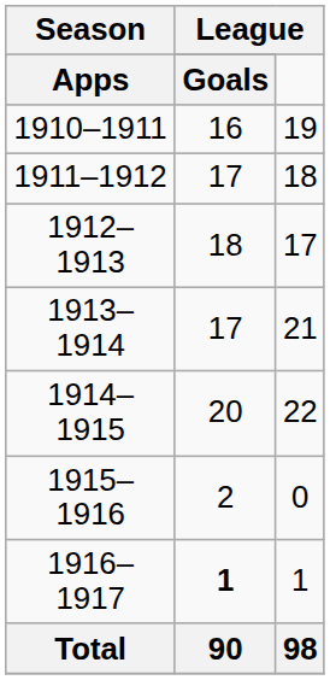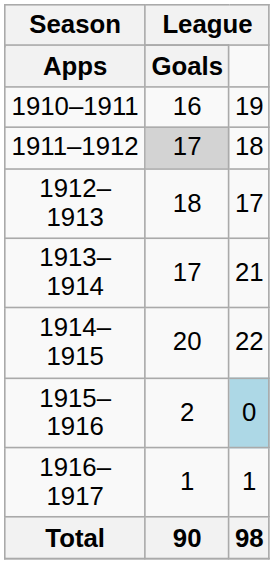 <table class="wikitable" style="font-size: 100%; text-align: center;">
 <tr>
 <th rowspan="2" width="80">Season</th>
 <th colspan="2">League</th>
 </tr>
 <tr>
 </tr>
 <tr>
 <th width="40">Apps</th>
 <th width="40">Goals</th>
 </tr>
 <tr>
 <td>1910–1911</td>
 <td>16</td>
 <td>19</td>
 </tr>
 <tr>
 <td>1911–1912</td>
-<td>17</td>
+<td style="background: lightgrey;">17</td>
 <td>18</td>
 </tr>
 <tr>
 <td>1912–1913</td>
 <td>18</td>
 <td>17</td>
 </tr>
 <tr>
 <td>1913–1914</td>
 <td>17</td>
 <td>21</td>
 </tr>
 <tr>
 <td>1914–1915</td>
 <td>20</td>
 <td>22</td>
 </tr>
 <tr>
 <td>1915–1916</td>
 <td>2</td>
-<td>0</td>
+<td style="background: lightblue;">0</td>
 </tr>
 <tr>
 <td>1916–1917</td>
-<td><strong>1</strong></td>
+<td>1</td>
 <td>1</td>
 </tr>
 <tr>
 <th><strong>Total</strong></th>
 <th>90</th>
 <th>98</th>
 </tr>
 <tr>
 </tr>
 </table>
